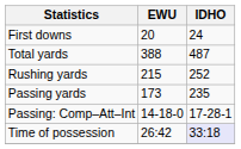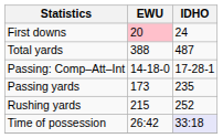 <table class="wikitable" style="float: left;">
 <tr>
 <th>Statistics</th>
 <th>EWU</th>
 <th>IDHO</th>
 </tr>
 <tr>
 <td>First downs</td>
-<td>20</td>
+<td style="background: pink;">20</td>
 <td>24</td>
 </tr>
 <tr>
 <td>Total yards</td>
 <td>388</td>
 <td>487</td>
 </tr>
 <tr>
-<td>Rushing yards</td>
-<td>215</td>
-<td>252</td>
+<td>Passing: Comp–Att–Int</td>
+<td>14-18-0</td>
+<td>17-28-1</td>
 </tr>
 <tr>
 <td>Passing yards</td>
 <td>173</td>
 <td>235</td>
 </tr>
 <tr>
-<td>Passing: Comp–Att–Int</td>
-<td>14-18-0</td>
-<td>17-28-1</td>
+<td>Rushing yards</td>
+<td>215</td>
+<td>252</td>
 </tr>
 <tr>
 <td>Time of possession</td>
 <td>26:42</td>
 <td style="background: lavender;">33:18</td>
 </tr>
 <tr>
 </tr>
 </table>
